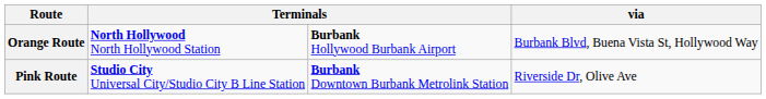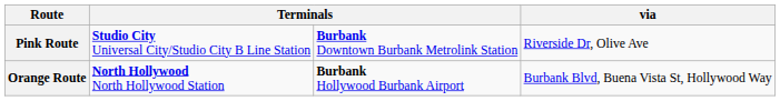 <table class="wikitable">
 <tr>
 <th>Route</th>
 <th colspan="2">Terminals</th>
 <th>via</th>
 </tr>
 <tr>
+<th><strong>Pink Route</strong></th>
+<td><strong><a href='#'>Studio City</a></strong> <br><a href='#'>Universal City/Studio City B Line Station</a></td>
+<td><strong><a href='#'>Burbank</a></strong> <br><a href='#'>Downtown Burbank Metrolink Station</a></td>
+<td><a href='#'>Riverside Dr</a>, Olive Ave</td>
+</tr>
+<tr>
 <th><strong>Orange Route</strong></th>
 <td><strong><a href='#'>North Hollywood</a></strong> <br><a href='#'>North Hollywood Station</a></td>
 <td><strong>Burbank</strong> <br><a href='#'>Hollywood Burbank Airport</a></td>
 <td><a href='#'>Burbank Blvd</a>, Buena Vista St, Hollywood Way</td>
 </tr>
-<tr>
-<th><strong>Pink Route</strong></th>
-<td><strong><a href='#'>Studio City</a></strong> <br><a href='#'>Universal City/Studio City B Line Station</a></td>
-<td><strong><a href='#'>Burbank</a></strong> <br><a href='#'>Downtown Burbank Metrolink Station</a></td>
-<td><a href='#'>Riverside Dr</a>, Olive Ave</td>
-</tr>
 </table>
